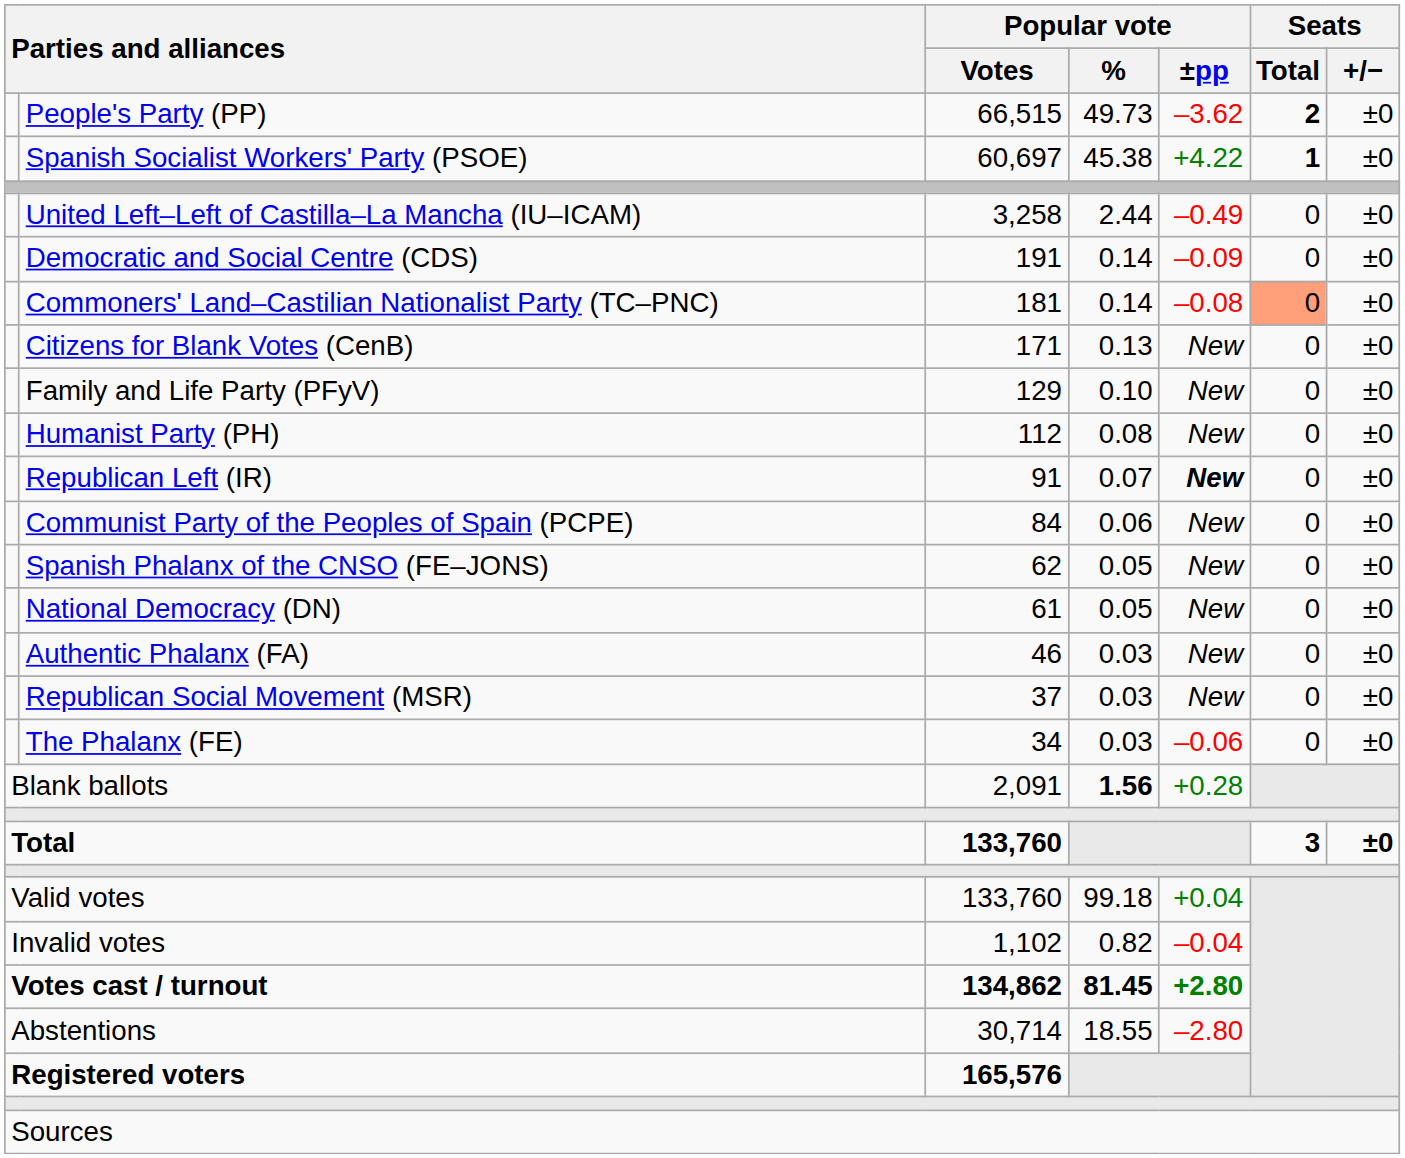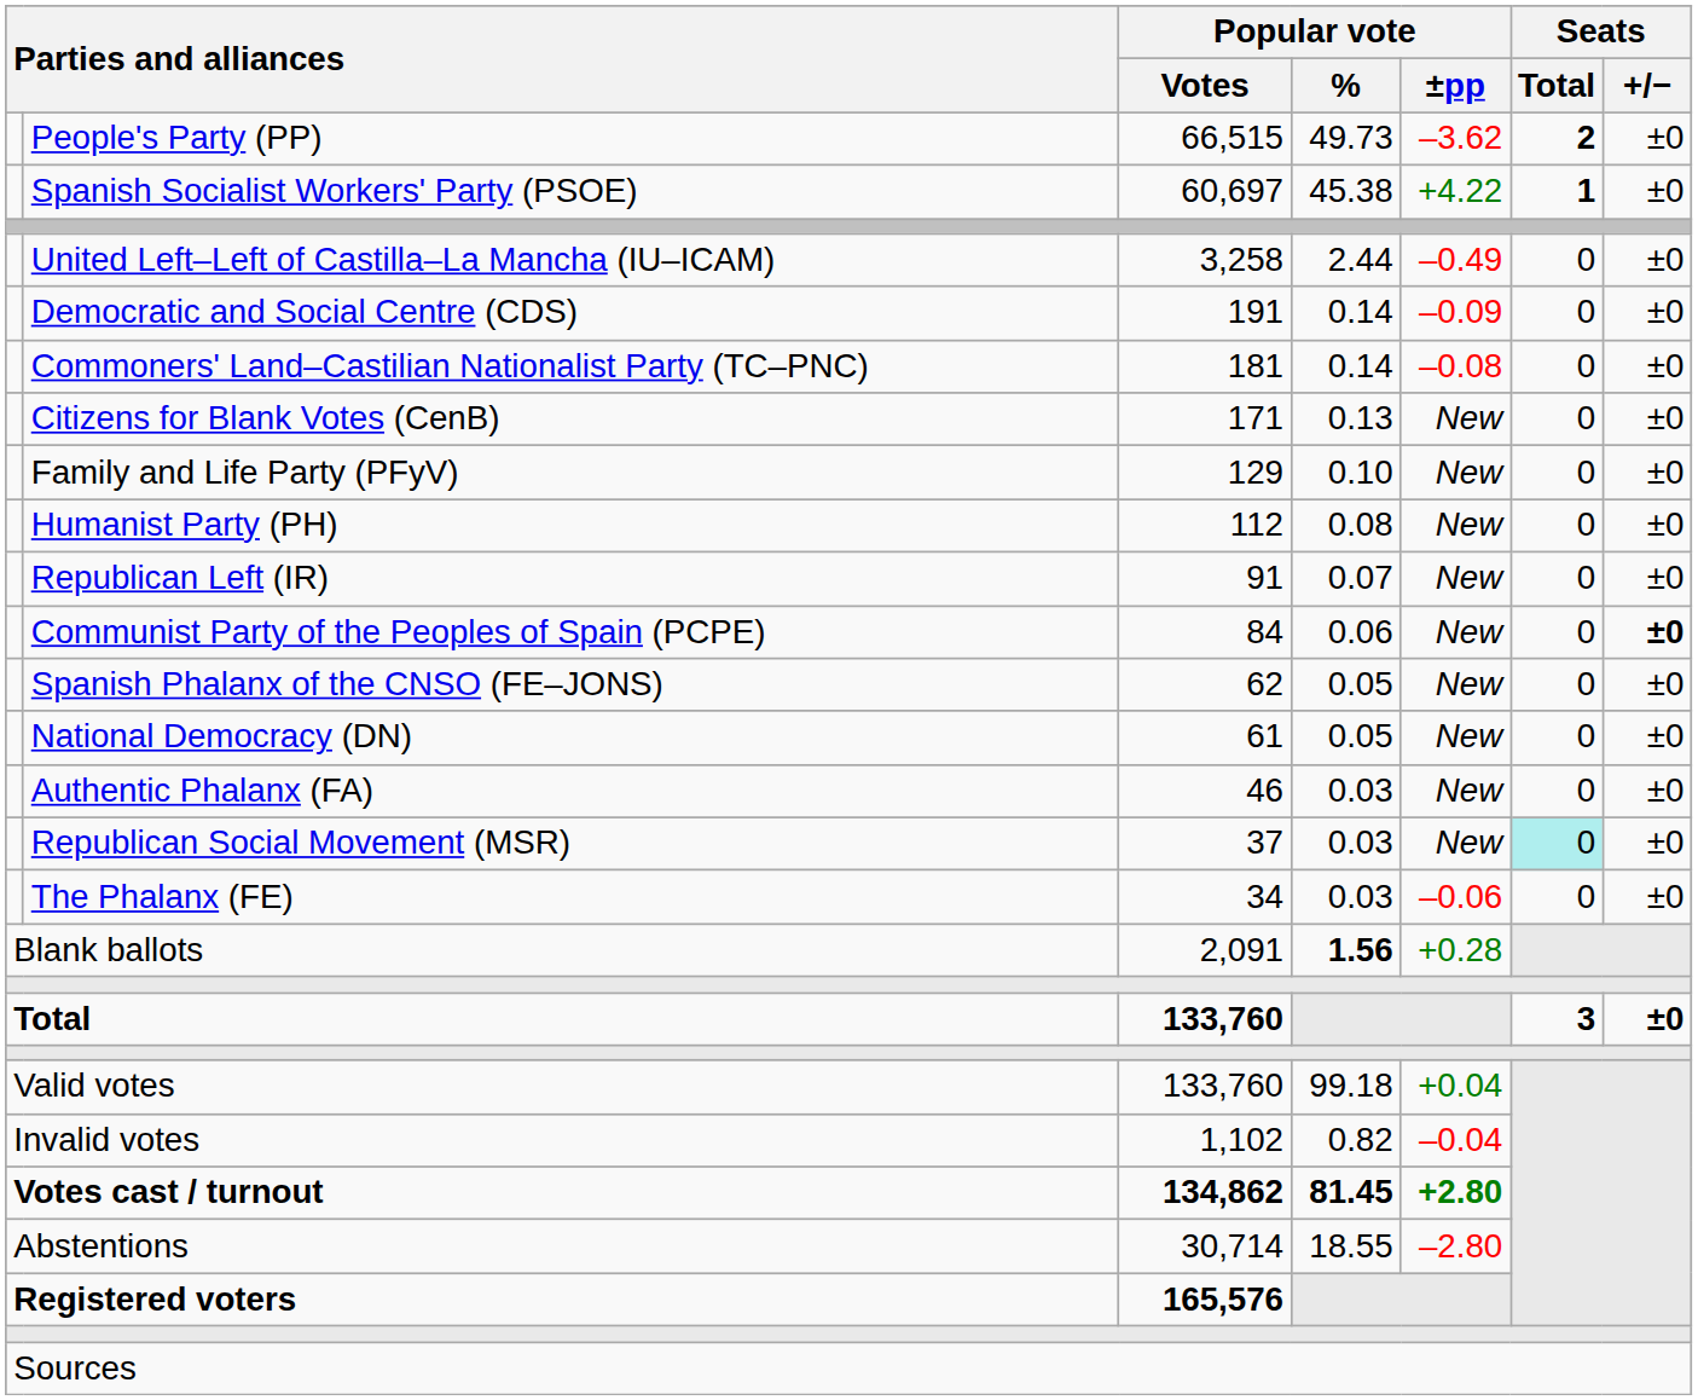 <table class="wikitable" style="text-align:right;">
 <tr>
 <th style="text-align:left;" rowspan="2" colspan="2" width="525">Parties and alliances</th>
 <th colspan="3">Popular vote</th>
 <th colspan="2">Seats</th>
 </tr>
 <tr>
 <th width="75">Votes</th>
 <th width="45">%</th>
 <th width="45">±<a href='#'>pp</a></th>
 <th width="35">Total</th>
 <th width="35">+/−</th>
 </tr>
 <tr>
 <td width="1" style="color:inherit;background:"></td>
 <td align="left"><a href='#'>People's Party</a> (PP)</td>
 <td>66,515</td>
 <td>49.73</td>
 <td style="color:red;">–3.62</td>
 <td><strong>2</strong></td>
 <td>±0</td>
 </tr>
 <tr>
 <td style="color:inherit;background:"></td>
 <td align="left"><a href='#'>Spanish Socialist Workers' Party</a> (PSOE)</td>
 <td>60,697</td>
 <td>45.38</td>
 <td style="color:green;">+4.22</td>
 <td><strong>1</strong></td>
 <td>±0</td>
 </tr>
 <tr>
 <td colspan="7" bgcolor="#C0C0C0"></td>
 </tr>
 <tr>
 <td style="color:inherit;background:"></td>
 <td align="left"><a href='#'>United Left–Left of Castilla–La Mancha</a> (IU–ICAM)</td>
 <td>3,258</td>
 <td>2.44</td>
 <td style="color:red;">–0.49</td>
 <td>0</td>
 <td>±0</td>
 </tr>
 <tr>
 <td style="color:inherit;background:"></td>
 <td align="left"><a href='#'>Democratic and Social Centre</a> (CDS)</td>
 <td>191</td>
 <td>0.14</td>
 <td style="color:red;">–0.09</td>
 <td>0</td>
 <td>±0</td>
 </tr>
 <tr>
 <td style="color:inherit;background:"></td>
 <td align="left"><a href='#'>Commoners' Land–Castilian Nationalist Party</a> (TC–PNC)</td>
 <td>181</td>
 <td>0.14</td>
 <td style="color:red;">–0.08</td>
-<td style="background: lightsalmon;">0</td>
+<td>0</td>
 <td>±0</td>
 </tr>
 <tr>
 <td style="color:inherit;background:"></td>
 <td align="left"><a href='#'>Citizens for Blank Votes</a> (CenB)</td>
 <td>171</td>
 <td>0.13</td>
 <td><em>New</em></td>
 <td>0</td>
 <td>±0</td>
 </tr>
 <tr>
 <td style="color:inherit;background:"></td>
 <td align="left">Family and Life Party (PFyV)</td>
 <td>129</td>
 <td>0.10</td>
 <td><em>New</em></td>
 <td>0</td>
 <td>±0</td>
 </tr>
 <tr>
 <td style="color:inherit;background:"></td>
 <td align="left"><a href='#'>Humanist Party</a> (PH)</td>
 <td>112</td>
 <td>0.08</td>
 <td><em>New</em></td>
 <td>0</td>
 <td>±0</td>
 </tr>
 <tr>
 <td style="color:inherit;background:"></td>
 <td align="left"><a href='#'>Republican Left</a> (IR)</td>
 <td>91</td>
 <td>0.07</td>
-<td><strong><em>New</em></strong></td>
+<td><em>New</em></td>
 <td>0</td>
 <td>±0</td>
 </tr>
 <tr>
 <td style="color:inherit;background:"></td>
 <td align="left"><a href='#'>Communist Party of the Peoples of Spain</a> (PCPE)</td>
 <td>84</td>
 <td>0.06</td>
 <td><em>New</em></td>
 <td>0</td>
-<td>±0</td>
+<td><strong>±0</strong></td>
 </tr>
 <tr>
 <td style="color:inherit;background:"></td>
 <td align="left"><a href='#'>Spanish Phalanx of the CNSO</a> (FE–JONS)</td>
 <td>62</td>
 <td>0.05</td>
 <td><em>New</em></td>
 <td>0</td>
 <td>±0</td>
 </tr>
 <tr>
 <td style="color:inherit;background:"></td>
 <td align="left"><a href='#'>National Democracy</a> (DN)</td>
 <td>61</td>
 <td>0.05</td>
 <td><em>New</em></td>
 <td>0</td>
 <td>±0</td>
 </tr>
 <tr>
 <td style="color:inherit;background:"></td>
 <td align="left"><a href='#'>Authentic Phalanx</a> (FA)</td>
 <td>46</td>
 <td>0.03</td>
 <td><em>New</em></td>
 <td>0</td>
 <td>±0</td>
 </tr>
 <tr>
 <td style="color:inherit;background:"></td>
 <td align="left"><a href='#'>Republican Social Movement</a> (MSR)</td>
 <td>37</td>
 <td>0.03</td>
 <td><em>New</em></td>
-<td>0</td>
+<td style="background: paleturquoise;">0</td>
 <td>±0</td>
 </tr>
 <tr>
 <td style="color:inherit;background:"></td>
 <td align="left"><a href='#'>The Phalanx</a> (FE)</td>
 <td>34</td>
 <td>0.03</td>
 <td style="color:red;">–0.06</td>
 <td>0</td>
 <td>±0</td>
 </tr>
 <tr>
 <td align="left" colspan="2">Blank ballots</td>
 <td>2,091</td>
 <td><strong>1.56</strong></td>
 <td style="color:green;">+0.28</td>
 <td bgcolor="#E9E9E9" colspan="2"></td>
 </tr>
 <tr>
 <td colspan="7" bgcolor="#E9E9E9"></td>
 </tr>
 <tr style="font-weight:bold;">
 <td align="left" colspan="2">Total</td>
 <td>133,760</td>
 <td bgcolor="#E9E9E9" colspan="2"></td>
 <td>3</td>
 <td>±0</td>
 </tr>
 <tr>
 <td colspan="7" bgcolor="#E9E9E9"></td>
 </tr>
 <tr>
 <td align="left" colspan="2">Valid votes</td>
 <td>133,760</td>
 <td>99.18</td>
 <td style="color:green;">+0.04</td>
 <td bgcolor="#E9E9E9" colspan="2" rowspan="5"></td>
 </tr>
 <tr>
 <td align="left" colspan="2">Invalid votes</td>
 <td>1,102</td>
 <td>0.82</td>
 <td style="color:red;">–0.04</td>
 </tr>
 <tr style="font-weight:bold;">
 <td align="left" colspan="2">Votes cast / turnout</td>
 <td>134,862</td>
 <td>81.45</td>
 <td style="color:green;">+2.80</td>
 </tr>
 <tr>
 <td align="left" colspan="2">Abstentions</td>
 <td>30,714</td>
 <td>18.55</td>
 <td style="color:red;">–2.80</td>
 </tr>
 <tr style="font-weight:bold;">
 <td align="left" colspan="2">Registered voters</td>
 <td>165,576</td>
 <td bgcolor="#E9E9E9" colspan="2"></td>
 </tr>
 <tr>
 <td colspan="7" bgcolor="#E9E9E9"></td>
 </tr>
 <tr>
 <td align="left" colspan="7">Sources</td>
 </tr>
 </table>
